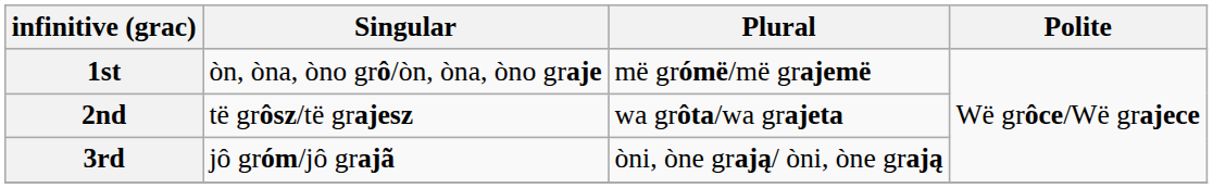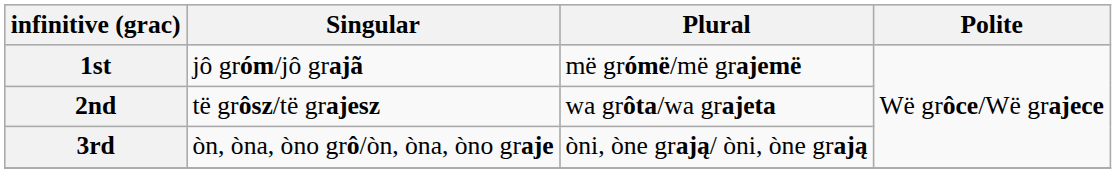 <table class="wikitable">
 <tr>
 <th>infinitive (grac)</th>
 <th>Singular</th>
 <th>Plural</th>
 <th>Polite</th>
 </tr>
 <tr>
 <th>1st</th>
-<td>òn, òna, òno gr<strong>ô</strong>/òn, òna, òno gr<strong>aje</strong></td>
+<td>jô gr<strong>óm</strong>/jô gr<strong>ajã</strong></td>
 <td>më gr<strong>ómë</strong>/më gr<strong>ajemë</strong></td>
 <td rowspan="3">Wë  gr<strong>ôce</strong>/Wë  gr<strong>ajece</strong></td>
 </tr>
 <tr>
 <th>2nd</th>
 <td>të gr<strong>ôsz</strong>/të gr<strong>ajesz</strong></td>
 <td>wa gr<strong>ôta</strong>/wa gr<strong>ajeta</strong></td>
 </tr>
 <tr>
 <th>3rd</th>
-<td>jô gr<strong>óm</strong>/jô gr<strong>ajã</strong></td>
+<td>òn, òna, òno gr<strong>ô</strong>/òn, òna, òno gr<strong>aje</strong></td>
 <td>òni, òne gr<strong>ają</strong>/  òni, òne gr<strong>ają</strong></td>
 </tr>
 <tr>
 </tr>
 </table>
